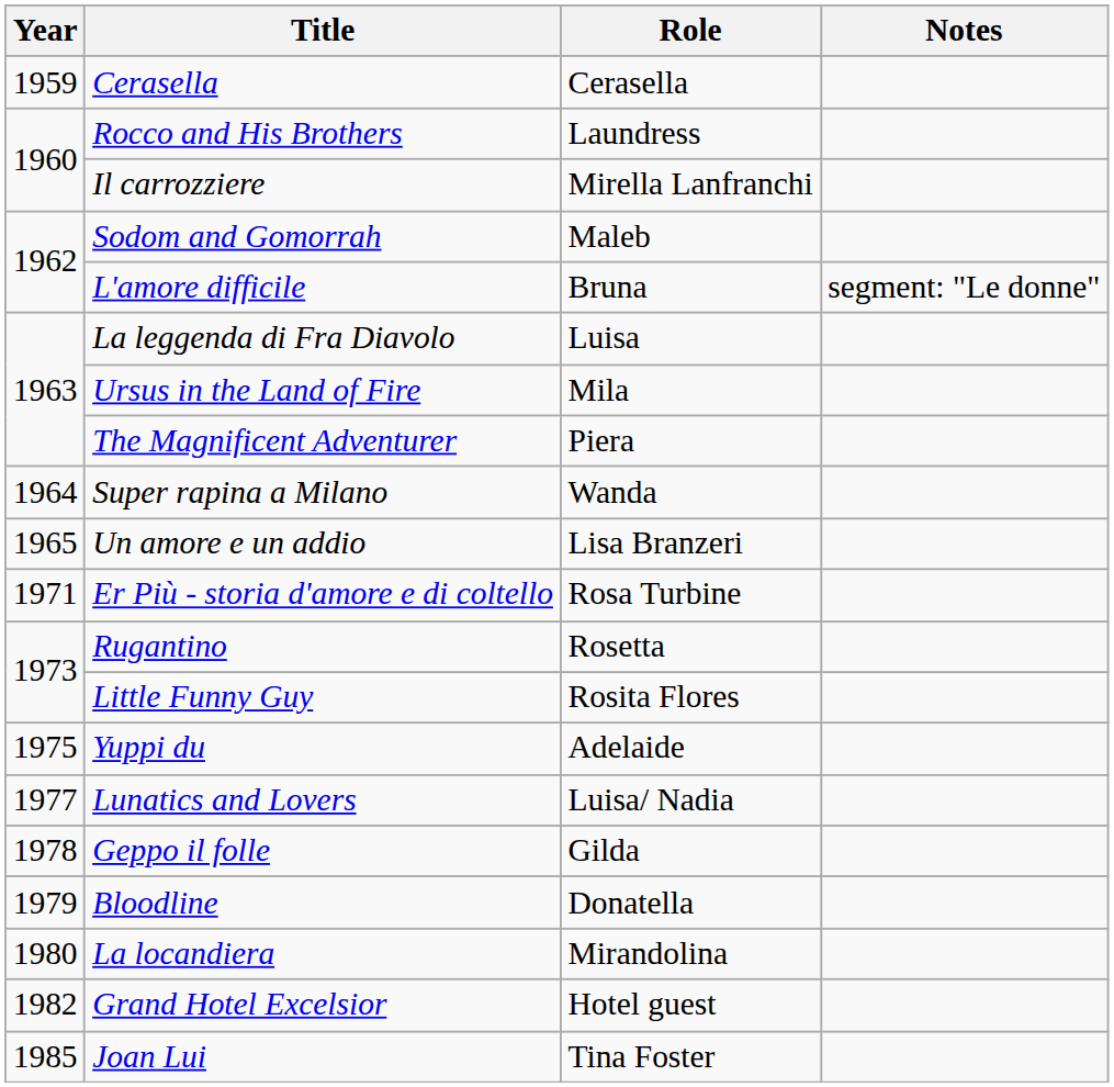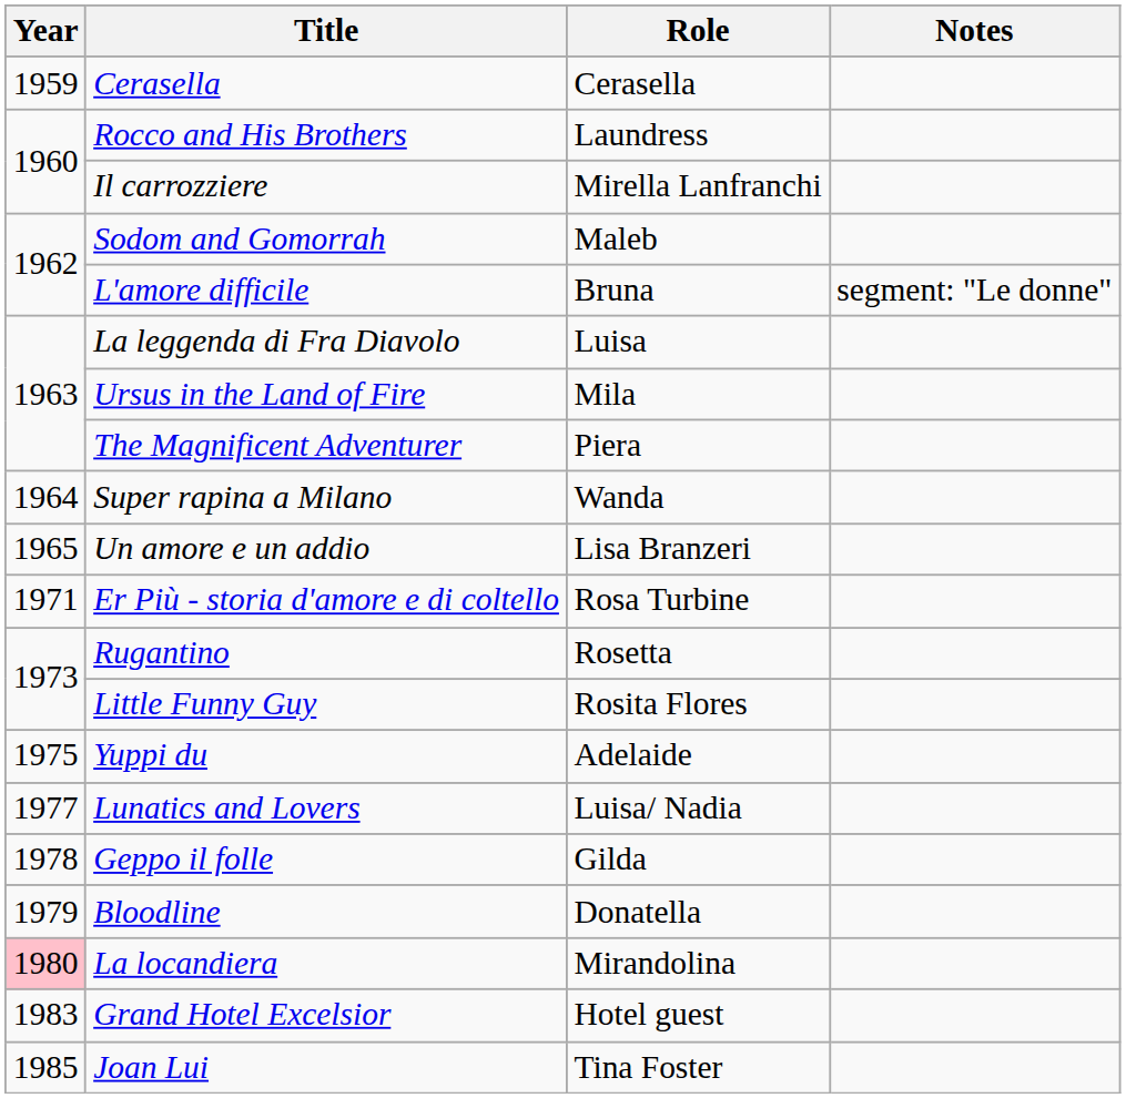 <table class="wikitable">
 <tr>
 <th>Year</th>
 <th>Title</th>
 <th>Role</th>
 <th>Notes</th>
 </tr>
 <tr>
 <td>1959</td>
 <td><em><a href='#'>Cerasella</a></em></td>
 <td>Cerasella</td>
 <td></td>
 </tr>
 <tr>
 <td rowspan="2">1960</td>
 <td><em><a href='#'>Rocco and His Brothers</a></em></td>
 <td>Laundress</td>
 <td></td>
 </tr>
 <tr>
 <td><em>Il carrozziere</em></td>
 <td>Mirella Lanfranchi</td>
 <td></td>
 </tr>
 <tr>
 <td rowspan="2">1962</td>
 <td><em><a href='#'>Sodom and Gomorrah</a></em></td>
 <td>Maleb</td>
 <td></td>
 </tr>
 <tr>
 <td><em><a href='#'>L'amore difficile</a></em></td>
 <td>Bruna</td>
 <td>segment: "Le donne"</td>
 </tr>
 <tr>
 <td rowspan="3">1963</td>
 <td><em>La leggenda di Fra Diavolo</em></td>
 <td>Luisa</td>
 <td></td>
 </tr>
 <tr>
 <td><em><a href='#'>Ursus in the Land of Fire</a></em></td>
 <td>Mila</td>
 <td></td>
 </tr>
 <tr>
 <td><em><a href='#'>The Magnificent Adventurer</a></em></td>
 <td>Piera</td>
 <td></td>
 </tr>
 <tr>
 <td>1964</td>
 <td><em>Super rapina a Milano</em></td>
 <td>Wanda</td>
 <td></td>
 </tr>
 <tr>
 <td>1965</td>
 <td><em>Un amore e un addio</em></td>
 <td>Lisa Branzeri</td>
 <td></td>
 </tr>
 <tr>
 <td>1971</td>
 <td><em><a href='#'>Er Più - storia d'amore e di coltello</a></em></td>
 <td>Rosa Turbine</td>
 <td></td>
 </tr>
 <tr>
 <td rowspan="2">1973</td>
 <td><em><a href='#'>Rugantino</a></em></td>
 <td>Rosetta</td>
 <td></td>
 </tr>
 <tr>
 <td><em><a href='#'>Little Funny Guy</a></em></td>
 <td>Rosita Flores</td>
 <td></td>
 </tr>
 <tr>
 <td>1975</td>
 <td><em><a href='#'>Yuppi du</a></em></td>
 <td>Adelaide</td>
 <td></td>
 </tr>
 <tr>
 <td>1977</td>
 <td><em><a href='#'>Lunatics and Lovers</a></em></td>
 <td>Luisa/ Nadia</td>
 <td></td>
 </tr>
 <tr>
 <td>1978</td>
 <td><em><a href='#'>Geppo il folle</a></em></td>
 <td>Gilda</td>
 <td></td>
 </tr>
 <tr>
 <td>1979</td>
 <td><em><a href='#'>Bloodline</a></em></td>
 <td>Donatella</td>
 <td></td>
 </tr>
 <tr>
-<td>1980</td>
+<td style="background: pink;">1980</td>
 <td><em><a href='#'>La locandiera</a></em></td>
 <td>Mirandolina</td>
 <td></td>
 </tr>
 <tr>
-<td>1982</td>
+<td>1983</td>
 <td><em><a href='#'>Grand Hotel Excelsior</a></em></td>
 <td>Hotel guest</td>
 <td></td>
 </tr>
 <tr>
 <td>1985</td>
 <td><em><a href='#'>Joan Lui</a></em></td>
 <td>Tina Foster</td>
 <td></td>
 </tr>
 </table>
